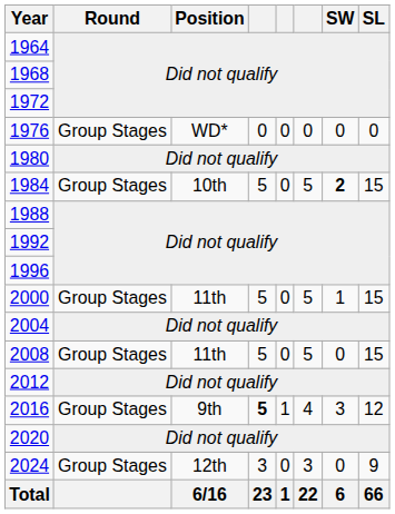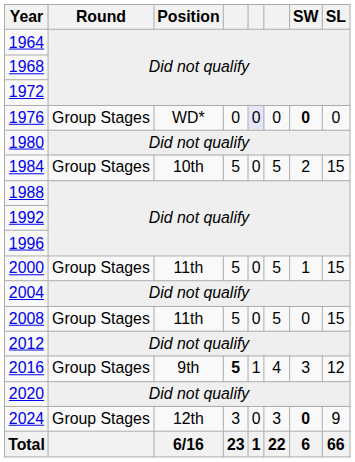 <table class="wikitable" style="text-align: center;">
 <tr>
 <th>Year</th>
 <th>Round</th>
 <th>Position</th>
 <th></th>
 <th></th>
 <th></th>
 <th>SW</th>
 <th>SL</th>
 </tr>
 <tr>
 <td> <a href='#'>1964</a></td>
 <td colspan=7 rowspan=3 bgcolor=#EFEFEF><em>Did not qualify</em></td>
 </tr>
 <tr>
 <td> <a href='#'>1968</a></td>
 </tr>
 <tr>
 <td> <a href='#'>1972</a></td>
 </tr>
 <tr>
 <td> <a href='#'>1976</a></td>
 <td>Group Stages</td>
 <td>WD*</td>
 <td>0</td>
+<td style="background: lavender;">0</td>
 <td>0</td>
-<td>0</td>
-<td>0</td>
+<td><strong>0</strong></td>
 <td>0</td>
 </tr>
 <tr>
 <td> <a href='#'>1980</a></td>
 <td colspan=7 bgcolor=#EFEFEF><em>Did not qualify</em></td>
 </tr>
 <tr>
 <td> <a href='#'>1984</a></td>
 <td>Group Stages</td>
 <td>10th</td>
 <td>5</td>
 <td>0</td>
 <td>5</td>
-<td><strong>2</strong></td>
+<td>2</td>
 <td>15</td>
 </tr>
 <tr>
 <td> <a href='#'>1988</a></td>
 <td colspan=7 rowspan=3 bgcolor=#EFEFEF><em>Did not qualify</em></td>
 </tr>
 <tr>
 <td> <a href='#'>1992</a></td>
 </tr>
 <tr>
 <td> <a href='#'>1996</a></td>
 </tr>
 <tr>
 <td> <a href='#'>2000</a></td>
 <td>Group Stages</td>
 <td>11th</td>
 <td>5</td>
 <td>0</td>
 <td>5</td>
 <td>1</td>
 <td>15</td>
 </tr>
 <tr>
 <td> <a href='#'>2004</a></td>
 <td colspan=7 bgcolor=#EFEFEF><em>Did not qualify</em></td>
 </tr>
 <tr>
 <td> <a href='#'>2008</a></td>
 <td>Group Stages</td>
 <td>11th</td>
 <td>5</td>
 <td>0</td>
 <td>5</td>
 <td>0</td>
 <td>15</td>
 </tr>
 <tr>
 <td> <a href='#'>2012</a></td>
 <td colspan=7 bgcolor=#EFEFEF><em>Did not qualify</em></td>
 </tr>
 <tr>
 <td> <a href='#'>2016</a></td>
 <td>Group Stages</td>
 <td>9th</td>
 <td><strong>5</strong></td>
 <td>1</td>
 <td>4</td>
 <td>3</td>
 <td>12</td>
 </tr>
 <tr>
 <td> <a href='#'>2020</a></td>
 <td colspan=7 bgcolor=#EFEFEF><em>Did not qualify</em></td>
 </tr>
 <tr>
 <td> <a href='#'>2024</a></td>
 <td>Group Stages</td>
 <td>12th</td>
 <td>3</td>
 <td>0</td>
 <td>3</td>
-<td>0</td>
+<td><strong>0</strong></td>
 <td>9</td>
 </tr>
 <tr }>
 <th colspan=1>Total</th>
 <th></th>
 <th>6/16</th>
 <th>23</th>
 <th>1</th>
 <th>22</th>
 <th>6</th>
 <th>66</th>
 </tr>
 </table>
